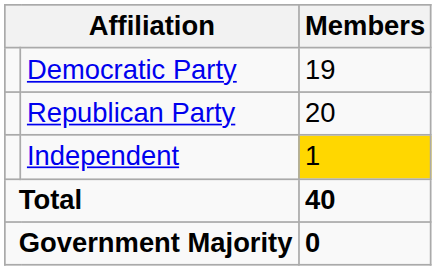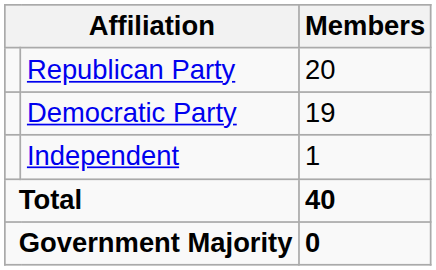 <table class="wikitable">
 <tr>
 <th colspan="2">Affiliation</th>
 <th>Members</th>
+</tr>
+<tr>
+<td style="background-color:"></td>
+<td><a href='#'>Republican Party</a></td>
+<td>20</td>
 </tr>
 <tr>
 <td style="background-color:"></td>
 <td><a href='#'>Democratic Party</a></td>
 <td>19</td>
 </tr>
 <tr>
 <td style="background-color:"></td>
-<td><a href='#'>Republican Party</a></td>
-<td>20</td>
-</tr>
-<tr>
-<td style="background-color:"></td>
 <td><a href='#'>Independent</a></td>
-<td style="background: gold;">1</td>
+<td>1</td>
 </tr>
 <tr>
 <td colspan=2> <strong>Total</strong></td>
 <td><strong>40</strong></td>
 </tr>
 <tr>
 <td colspan=2> <strong>Government Majority</strong></td>
 <td><strong>0</strong></td>
 </tr>
 </table>
